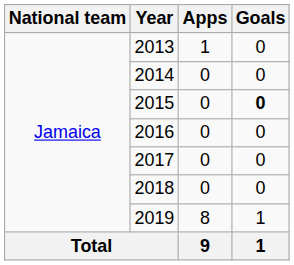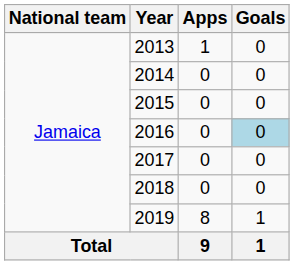 <table class="wikitable" style="text-align:center">
 <tr>
 <th>National team</th>
 <th>Year</th>
 <th>Apps</th>
 <th>Goals</th>
 </tr>
 <tr>
 <td rowspan="7"><a href='#'>Jamaica</a></td>
 <td>2013</td>
 <td>1</td>
 <td>0</td>
 </tr>
 <tr>
 <td>2014</td>
 <td>0</td>
 <td>0</td>
 </tr>
 <tr>
 <td>2015</td>
 <td>0</td>
-<td><strong>0</strong></td>
+<td>0</td>
 </tr>
 <tr>
 <td>2016</td>
 <td>0</td>
-<td>0</td>
+<td style="background: lightblue;">0</td>
 </tr>
 <tr>
 <td>2017</td>
 <td>0</td>
 <td>0</td>
 </tr>
 <tr>
 <td>2018</td>
 <td>0</td>
 <td>0</td>
 </tr>
 <tr>
 <td>2019</td>
 <td>8</td>
 <td>1</td>
 </tr>
 <tr>
 <th colspan="2">Total</th>
 <th>9</th>
 <th>1</th>
 </tr>
 </table>
